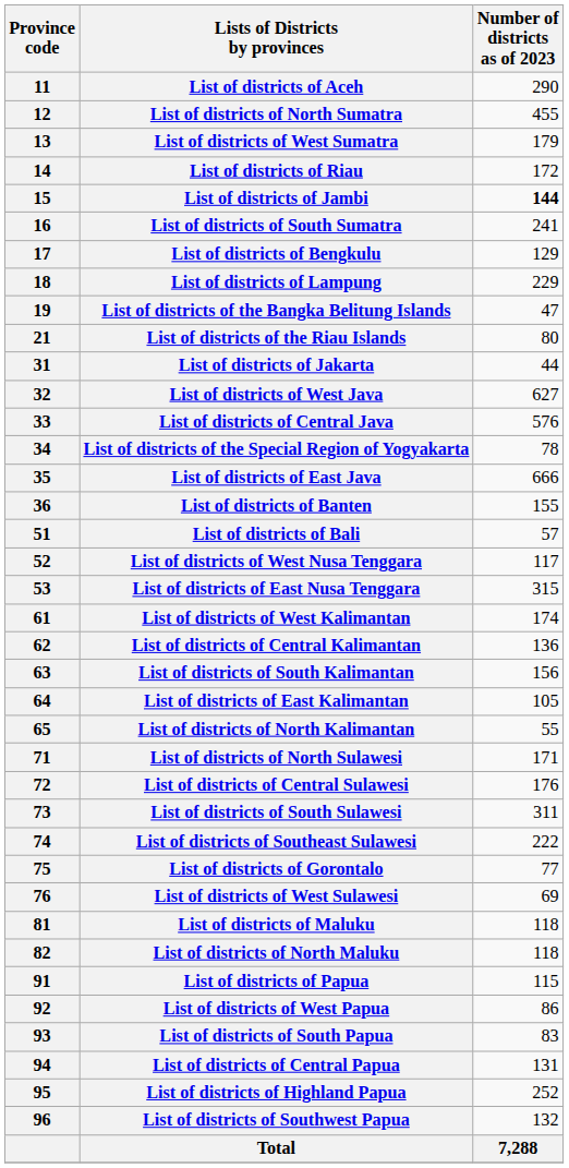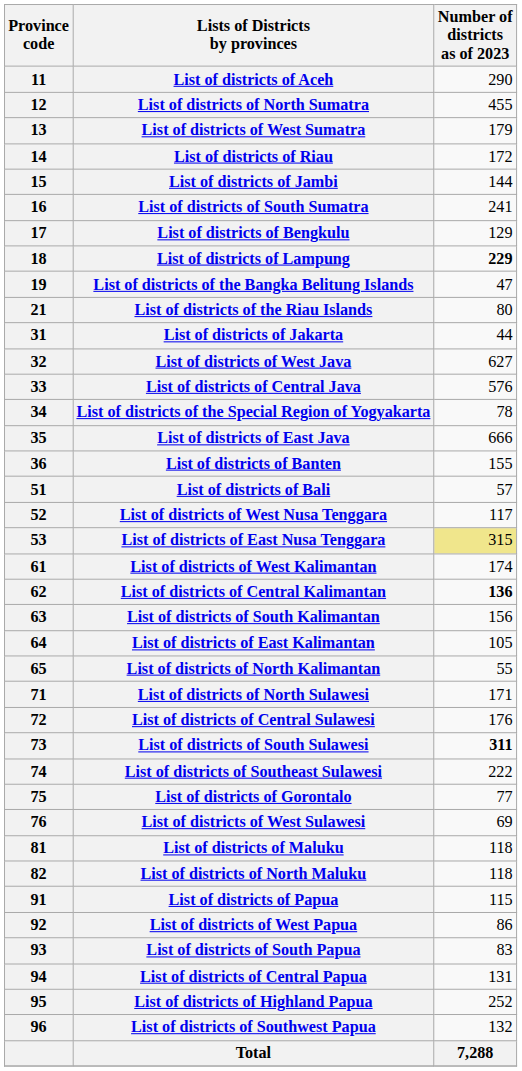 <table class="wikitable sortable plainrowheaders" style="text-align:right">
 <tr>
 <th>Province <br>code</th>
 <th>Lists of Districts <br>by provinces</th>
 <th>Number of <br>districts<br>as of 2023</th>
 </tr>
 <tr>
 <th align="centre">11</th>
 <th scope="row"><a href='#'>List of districts of Aceh</a></th>
 <td>290</td>
 </tr>
 <tr>
 <th align="centre">12</th>
 <th scope="row"><a href='#'>List of districts of North Sumatra</a></th>
 <td>455</td>
 </tr>
 <tr>
 <th align="centre">13</th>
 <th scope="row"><a href='#'>List of districts of West Sumatra</a></th>
 <td>179</td>
 </tr>
 <tr>
 <th align="centre">14</th>
 <th scope="row"><a href='#'>List of districts of Riau</a></th>
 <td>172</td>
 </tr>
 <tr>
 <th align="centre">15</th>
 <th scope="row"><a href='#'>List of districts of Jambi</a></th>
-<td><strong>144</strong></td>
+<td>144</td>
 </tr>
 <tr>
 <th align="centre">16</th>
 <th scope="row"><a href='#'>List of districts of South Sumatra</a></th>
 <td>241</td>
 </tr>
 <tr>
 <th align="centre">17</th>
 <th scope="row"><a href='#'>List of districts of Bengkulu</a></th>
 <td>129</td>
 </tr>
 <tr>
 <th align="centre">18</th>
 <th scope="row"><a href='#'>List of districts of Lampung</a></th>
-<td>229</td>
+<td><strong>229</strong></td>
 </tr>
 <tr>
 <th align="centre">19</th>
 <th scope="row"><a href='#'>List of districts of the Bangka Belitung Islands</a></th>
 <td>47</td>
 </tr>
 <tr>
 <th align="centre">21</th>
 <th scope="row"><a href='#'>List of districts of the Riau Islands</a></th>
 <td>80</td>
 </tr>
 <tr>
 <th align="centre">31</th>
 <th scope="row"><a href='#'>List of districts of Jakarta</a></th>
 <td>44</td>
 </tr>
 <tr>
 <th align="centre">32</th>
 <th scope="row"><a href='#'>List of districts of West Java</a></th>
 <td>627</td>
 </tr>
 <tr>
 <th align="centre">33</th>
 <th scope="row"><a href='#'>List of districts of Central Java</a></th>
 <td>576</td>
 </tr>
 <tr>
 <th align="centre">34</th>
 <th scope="row"><a href='#'>List of districts of the Special Region of Yogyakarta</a></th>
 <td>78</td>
 </tr>
 <tr>
 <th align="centre">35</th>
 <th scope="row"><a href='#'>List of districts of East Java</a></th>
 <td>666</td>
 </tr>
 <tr>
 <th align="centre">36</th>
 <th scope="row"><a href='#'>List of districts of Banten</a></th>
 <td>155</td>
 </tr>
 <tr>
 <th align="centre">51</th>
 <th scope="row"><a href='#'>List of districts of Bali</a></th>
 <td>57</td>
 </tr>
 <tr>
 <th align="centre">52</th>
 <th scope="row"><a href='#'>List of districts of West Nusa Tenggara</a></th>
 <td>117</td>
 </tr>
 <tr>
 <th align="centre">53</th>
 <th scope="row"><a href='#'>List of districts of East Nusa Tenggara</a></th>
-<td>315</td>
+<td style="background: khaki;">315</td>
 </tr>
 <tr>
 <th align="centre">61</th>
 <th scope="row"><a href='#'>List of districts of West Kalimantan</a></th>
 <td>174</td>
 </tr>
 <tr>
 <th align="centre">62</th>
 <th scope="row"><a href='#'>List of districts of Central Kalimantan</a></th>
-<td>136</td>
+<td><strong>136</strong></td>
 </tr>
 <tr>
 <th align="centre">63</th>
 <th scope="row"><a href='#'>List of districts of South Kalimantan</a></th>
 <td>156</td>
 </tr>
 <tr>
 <th align="centre">64</th>
 <th scope="row"><a href='#'>List of districts of East Kalimantan</a></th>
 <td>105</td>
 </tr>
 <tr>
 <th align="centre">65</th>
 <th scope="row"><a href='#'>List of districts of North Kalimantan</a></th>
 <td>55</td>
 </tr>
 <tr>
 <th align="centre">71</th>
 <th scope="row"><a href='#'>List of districts of North Sulawesi</a></th>
 <td>171</td>
 </tr>
 <tr>
 <th align="centre">72</th>
 <th scope="row"><a href='#'>List of districts of Central Sulawesi</a></th>
 <td>176</td>
 </tr>
 <tr>
 <th align="centre">73</th>
 <th scope="row"><a href='#'>List of districts of South Sulawesi</a></th>
-<td>311</td>
+<td><strong>311</strong></td>
 </tr>
 <tr>
 <th align="centre">74</th>
 <th scope="row"><a href='#'>List of districts of Southeast Sulawesi</a></th>
 <td>222</td>
 </tr>
 <tr>
 <th align="centre">75</th>
 <th scope="row"><a href='#'>List of districts of Gorontalo</a></th>
 <td>77</td>
 </tr>
 <tr>
 <th align="centre">76</th>
 <th scope="row"><a href='#'>List of districts of West Sulawesi</a></th>
 <td>69</td>
 </tr>
 <tr>
 <th align="centre">81</th>
 <th scope="row"><a href='#'>List of districts of Maluku</a></th>
 <td>118</td>
 </tr>
 <tr>
 <th align="centre">82</th>
 <th scope="row"><a href='#'>List of districts of North Maluku</a></th>
 <td>118</td>
 </tr>
 <tr>
 <th align="centre">91</th>
 <th scope="row"><a href='#'>List of districts of Papua</a></th>
 <td>115</td>
 </tr>
 <tr>
 <th align="centre">92</th>
 <th scope="row"><a href='#'>List of districts of West Papua</a></th>
 <td>86</td>
 </tr>
 <tr>
 <th align="centre">93</th>
 <th scope="row"><a href='#'>List of districts of South Papua</a></th>
 <td>83</td>
 </tr>
 <tr>
 <th align="centre">94</th>
 <th scope="row"><a href='#'>List of districts of Central Papua</a></th>
 <td>131</td>
 </tr>
 <tr>
 <th align="centre">95</th>
 <th scope="row"><a href='#'>List of districts of Highland Papua</a></th>
 <td>252</td>
 </tr>
 <tr>
 <th align="centre">96</th>
 <th scope="row"><a href='#'>List of districts of Southwest Papua</a></th>
 <td>132</td>
 </tr>
 <tr>
 <th></th>
 <th>Total</th>
 <th>7,288</th>
 </tr>
 <tr>
 </tr>
 </table>
